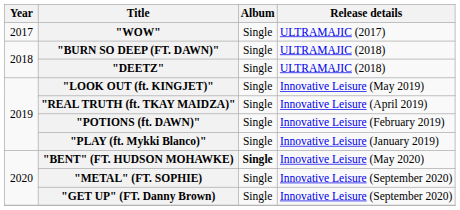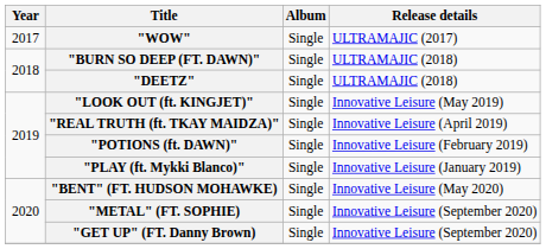 <table class="wikitable plainrowheaders" style="text-align:center;">
 <tr>
 <th scope="col" rowspan="1" style="width:2.5em;">Year</th>
 <th scope="col" rowspan="1">Title</th>
 <th scope="col" rowspan="1">Album</th>
 <th scope="col" rowspan="1">Release details</th>
 </tr>
 <tr>
 <td rowspan="1">2017</td>
 <th scope="row">"WOW"</th>
 <td>Single</td>
 <td align=left><a href='#'>ULTRAMAJIC</a> (2017)</td>
 </tr>
 <tr>
 <td rowspan="2">2018</td>
 <th scope="row">"BURN SO DEEP (FT. DAWN)"</th>
 <td>Single</td>
 <td align=left><a href='#'>ULTRAMAJIC</a> (2018)</td>
 </tr>
 <tr>
 <th scope="row">"DEETZ"</th>
 <td>Single</td>
 <td align=left><a href='#'>ULTRAMAJIC</a> (2018)</td>
 </tr>
 <tr>
 <td rowspan="4">2019</td>
 <th scope="row">"LOOK OUT (ft. KINGJET)"</th>
 <td>Single</td>
 <td align=left><a href='#'>Innovative Leisure</a> (May 2019)</td>
 </tr>
 <tr>
 <th scope="row">"REAL TRUTH (ft. TKAY MAIDZA)"</th>
 <td>Single</td>
 <td align=left><a href='#'>Innovative Leisure</a> (April 2019)</td>
 </tr>
 <tr>
 <th scope="row">"POTIONS (ft. DAWN)"</th>
 <td>Single</td>
 <td align=left><a href='#'>Innovative Leisure</a> (February 2019)</td>
 </tr>
 <tr>
 <th scope="row">"PLAY (ft. Mykki Blanco)"</th>
 <td>Single</td>
 <td align=left><a href='#'>Innovative Leisure</a> (January 2019)</td>
 </tr>
 <tr>
 <td rowspan="3">2020</td>
 <th scope="row">"BENT" (FT. HUDSON MOHAWKE)</th>
-<td><strong>Single</strong></td>
+<td>Single</td>
 <td align=left><a href='#'>Innovative Leisure</a> (May 2020)</td>
 </tr>
 <tr>
 <th scope="row">"METAL" (FT. SOPHIE)</th>
 <td>Single</td>
 <td align=left><a href='#'>Innovative Leisure</a> (September 2020)</td>
 </tr>
 <tr>
 <th scope="row">"GET UP" (FT. Danny Brown)</th>
 <td>Single</td>
 <td align=left><a href='#'>Innovative Leisure</a> (September 2020)</td>
 </tr>
 <tr>
 </tr>
 </table>
